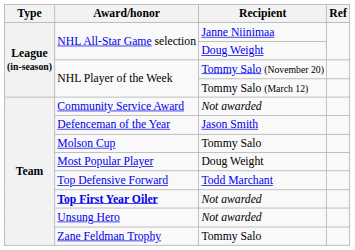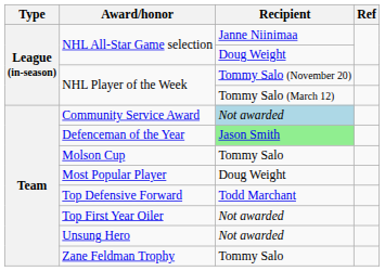 <table class="wikitable">
 <tr>
 <th scope="col">Type</th>
 <th scope="col">Award/honor</th>
 <th scope="col">Recipient</th>
 <th scope="col">Ref</th>
 </tr>
 <tr>
 <th scope="row" rowspan="4">League<br><small>(in-season)</small></th>
 <td rowspan="2"><a href='#'>NHL All-Star Game</a> selection</td>
 <td><a href='#'>Janne Niinimaa</a></td>
 <td rowspan="2"></td>
 </tr>
 <tr>
 <td><a href='#'>Doug Weight</a></td>
 </tr>
 <tr>
 <td rowspan="2">NHL Player of the Week</td>
 <td><a href='#'>Tommy Salo</a> <small>(November 20)</small></td>
 <td></td>
 </tr>
 <tr>
 <td>Tommy Salo <small>(March 12)</small></td>
 <td></td>
 </tr>
 <tr>
 <th scope="row" rowspan="9">Team</th>
 <td><a href='#'>Community Service Award</a></td>
-<td><em>Not awarded</em></td>
+<td style="background: lightblue;"><em>Not awarded</em></td>
 <td></td>
 </tr>
 <tr>
 <td><a href='#'>Defenceman of the Year</a></td>
-<td><a href='#'>Jason Smith</a></td>
+<td style="background: lightgreen;"><a href='#'>Jason Smith</a></td>
 <td></td>
 </tr>
 <tr>
 <td><a href='#'>Molson Cup</a></td>
 <td>Tommy Salo</td>
 <td></td>
 </tr>
 <tr>
 <td><a href='#'>Most Popular Player</a></td>
 <td>Doug Weight</td>
 <td></td>
 </tr>
 <tr>
 <td><a href='#'>Top Defensive Forward</a></td>
 <td><a href='#'>Todd Marchant</a></td>
 <td></td>
 </tr>
 <tr>
-<td><strong><a href='#'>Top First Year Oiler</a></strong></td>
+<td><a href='#'>Top First Year Oiler</a></td>
 <td><em>Not awarded</em></td>
 <td></td>
 </tr>
 <tr>
 <td><a href='#'>Unsung Hero</a></td>
 <td><em>Not awarded</em></td>
 <td></td>
 </tr>
 <tr>
 <td><a href='#'>Zane Feldman Trophy</a></td>
 <td>Tommy Salo</td>
 <td></td>
 </tr>
 </table>
